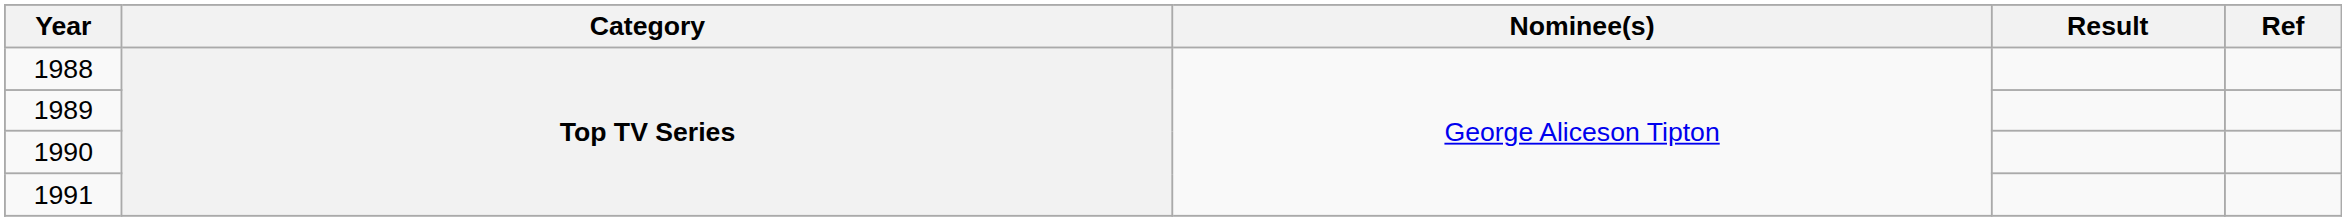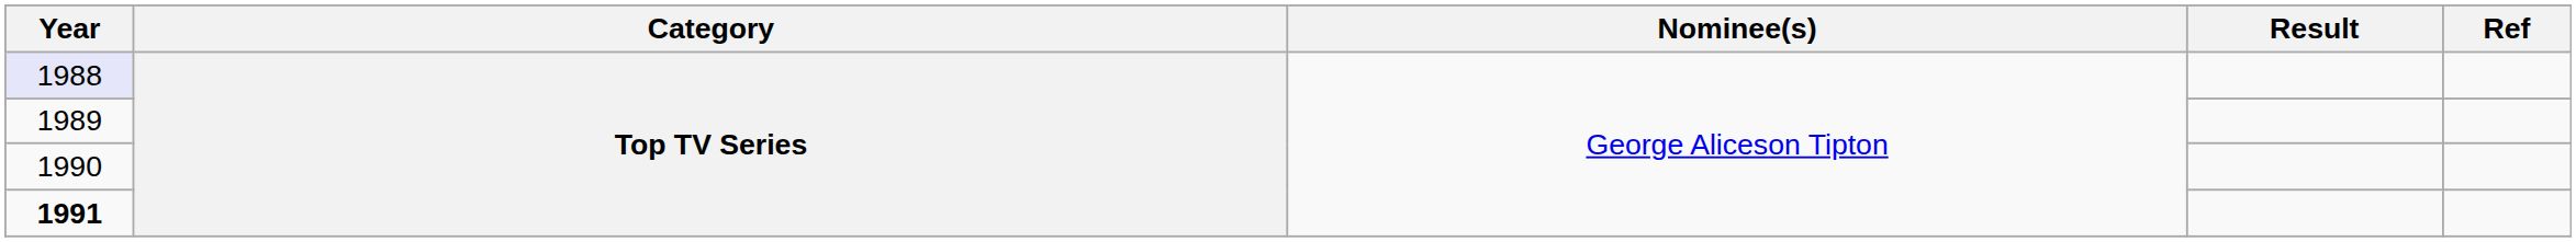 <table class="wikitable plainrowheaders" style="font-size: 90%; text-align:center" width=100%>
 <tr>
 <th scope="col" width="5%">Year</th>
 <th scope="col" width="45%">Category</th>
 <th scope="col" width="35%">Nominee(s)</th>
 <th scope="col" width="10%">Result</th>
 <th scope="col" width="5%">Ref</th>
 </tr>
 <tr>
-<td>1988</td>
+<td style="background: lavender;">1988</td>
 <th scope="row" style="text-align:center" rowspan=4>Top TV Series</th>
 <td rowspan=4><a href='#'>George Aliceson Tipton</a></td>
 <td></td>
 <td></td>
 </tr>
 <tr>
 <td>1989</td>
 <td></td>
 <td></td>
 </tr>
 <tr>
 <td>1990</td>
 <td></td>
 <td></td>
 </tr>
 <tr>
-<td>1991</td>
+<td><strong>1991</strong></td>
 <td></td>
 <td></td>
 </tr>
 </table>
